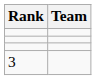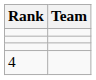 <table class="wikitable" border="1">
 <tr>
 <th>Rank</th>
 <th>Team</th>
 </tr>
 <tr>
 <td></td>
 <td></td>
 </tr>
 <tr>
 <td></td>
 <td></td>
 </tr>
 <tr>
 <td></td>
 <td></td>
 </tr>
 <tr>
-<td>3</td>
+<td>4</td>
 <td></td>
 </tr>
 </table>
